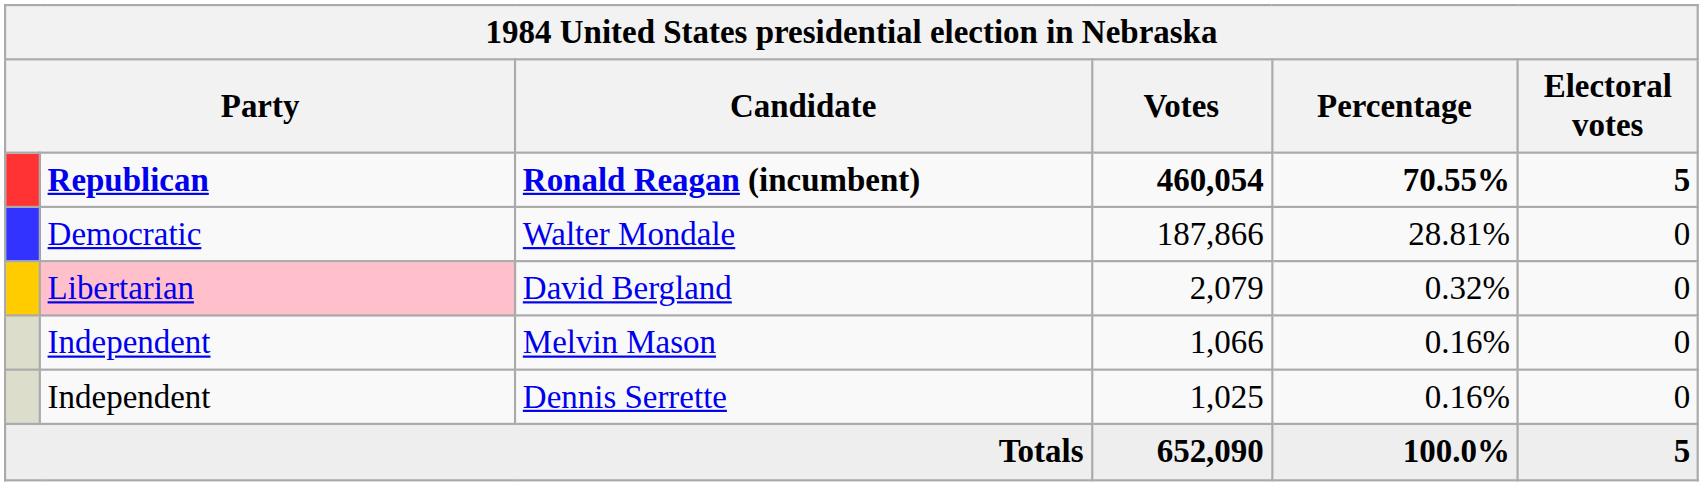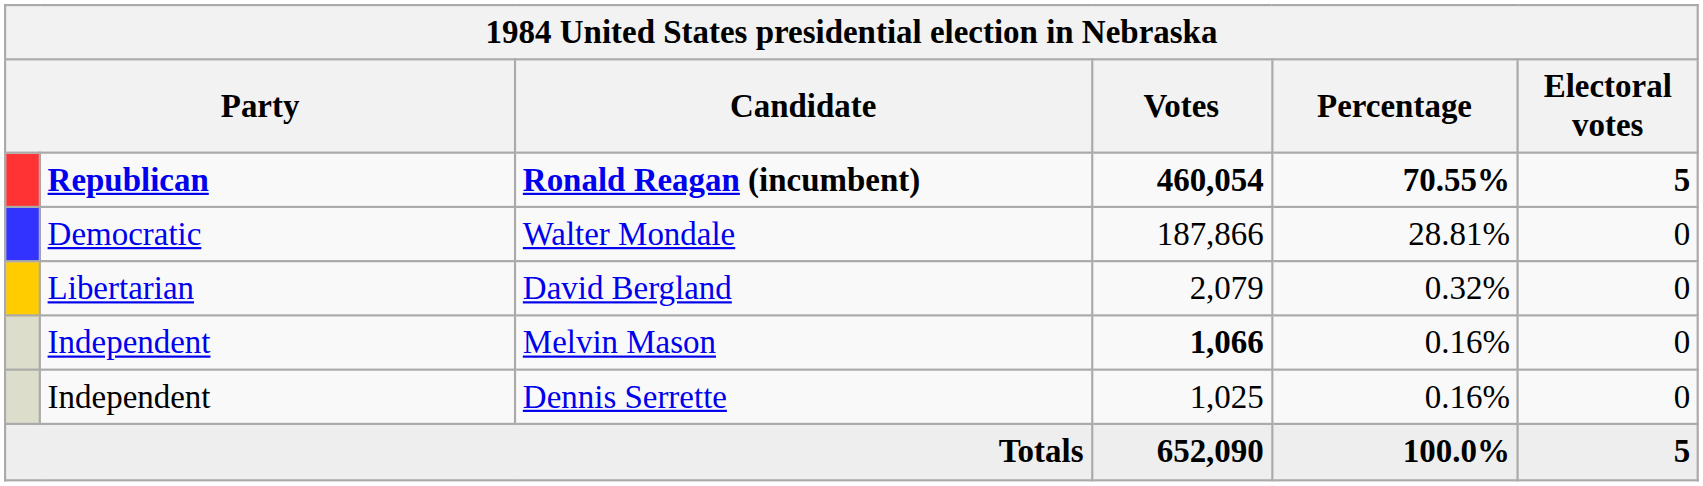 <table class="wikitable" style="font-size: 95%;">
 <tr>
 <th colspan="6">1984 United States presidential election in Nebraska</th>
 </tr>
 <tr>
 <th colspan="2" style="width: 15em">Party</th>
 <th style="width: 17em">Candidate</th>
 <th style="width: 5em">Votes</th>
 <th style="width: 7em">Percentage</th>
 <th style="width: 5em">Electoral votes</th>
 </tr>
 <tr>
 <th style="background:#f33; width:3px;"></th>
 <td style="width: 130px"><strong><a href='#'>Republican</a></strong></td>
 <td><strong><a href='#'>Ronald Reagan</a> (incumbent)</strong></td>
 <td style="text-align:right;"><strong>460,054</strong></td>
 <td style="text-align:right;"><strong>70.55%</strong></td>
 <td style="text-align:right;"><strong>5</strong></td>
 </tr>
 <tr>
 <th style="background:#33f; width:3px;"></th>
 <td style="width: 130px"><a href='#'>Democratic</a></td>
 <td><a href='#'>Walter Mondale</a></td>
 <td style="text-align:right;">187,866</td>
 <td style="text-align:right;">28.81%</td>
 <td style="text-align:right;">0</td>
 </tr>
 <tr>
 <th style="background:#FFCC00; width:3px;"></th>
-<td style="background: pink; width: 130px"><a href='#'>Libertarian</a></td>
+<td style="width: 130px"><a href='#'>Libertarian</a></td>
 <td><a href='#'>David Bergland</a></td>
 <td style="text-align:right;">2,079</td>
 <td style="text-align:right;">0.32%</td>
 <td style="text-align:right;">0</td>
 </tr>
 <tr>
 <th style="background: #DDDDCC; width:3px;"></th>
 <td style="width: 130px"><a href='#'>Independent</a></td>
 <td><a href='#'>Melvin Mason</a></td>
-<td style="text-align:right;">1,066</td>
+<td style="text-align:right;"><strong>1,066</strong></td>
 <td style="text-align:right;">0.16%</td>
 <td style="text-align:right;">0</td>
 </tr>
 <tr>
 <th style="background: #DDDDCC; width:3px;"></th>
 <td style="width: 130px">Independent</td>
 <td><a href='#'>Dennis Serrette</a></td>
 <td style="text-align:right;">1,025</td>
 <td style="text-align:right;">0.16%</td>
 <td style="text-align:right;">0</td>
 </tr>
 <tr style="background:#eee; text-align:right;">
 <td colspan="3"><strong>Totals</strong></td>
 <td><strong>652,090</strong></td>
 <td><strong>100.0%</strong></td>
 <td><strong>5</strong></td>
 </tr>
 </table>
